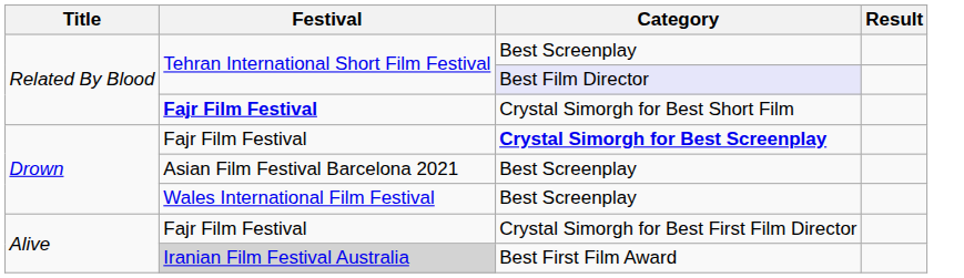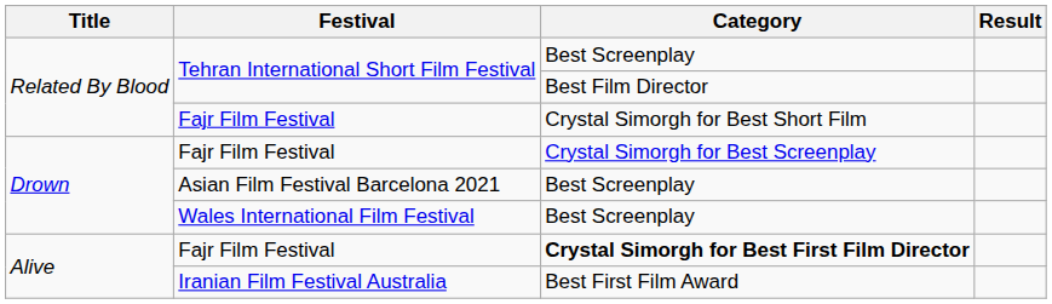 <table class="wikitable sortable">
 <tr>
 <th>Title</th>
 <th>Festival</th>
 <th>Category</th>
 <th>Result</th>
 </tr>
 <tr>
 <td rowspan="3"><em>Related By Blood</em></td>
 <td rowspan="2"><a href='#'>Tehran International Short Film Festival</a></td>
 <td>Best Screenplay</td>
 <td></td>
 </tr>
 <tr>
-<td style="background: lavender;">Best Film Director</td>
+<td>Best Film Director</td>
 <td></td>
 </tr>
 <tr>
-<td><strong><a href='#'>Fajr Film Festival</a></strong></td>
+<td><a href='#'>Fajr Film Festival</a></td>
 <td>Crystal Simorgh for Best Short Film</td>
 <td></td>
 </tr>
 <tr>
 <td rowspan="3"><em><a href='#'>Drown</a></em></td>
 <td>Fajr Film Festival</td>
-<td><strong><a href='#'>Crystal Simorgh for Best Screenplay</a></strong></td>
+<td><a href='#'>Crystal Simorgh for Best Screenplay</a></td>
 <td></td>
 </tr>
 <tr>
 <td>Asian Film Festival Barcelona 2021</td>
 <td>Best Screenplay</td>
 <td></td>
 </tr>
 <tr>
 <td><a href='#'>Wales International Film Festival</a></td>
 <td>Best Screenplay</td>
 <td></td>
 </tr>
 <tr>
 <td rowspan="2"><em>Alive</em></td>
 <td>Fajr Film Festival</td>
-<td>Crystal Simorgh for Best First Film Director </td>
+<td><strong>Crystal Simorgh for Best First Film Director </strong></td>
 <td></td>
 </tr>
 <tr>
-<td style="background: lightgrey;"><a href='#'>Iranian Film Festival Australia</a></td>
+<td><a href='#'>Iranian Film Festival Australia</a></td>
 <td>Best First Film Award</td>
 <td></td>
 </tr>
 </table>
